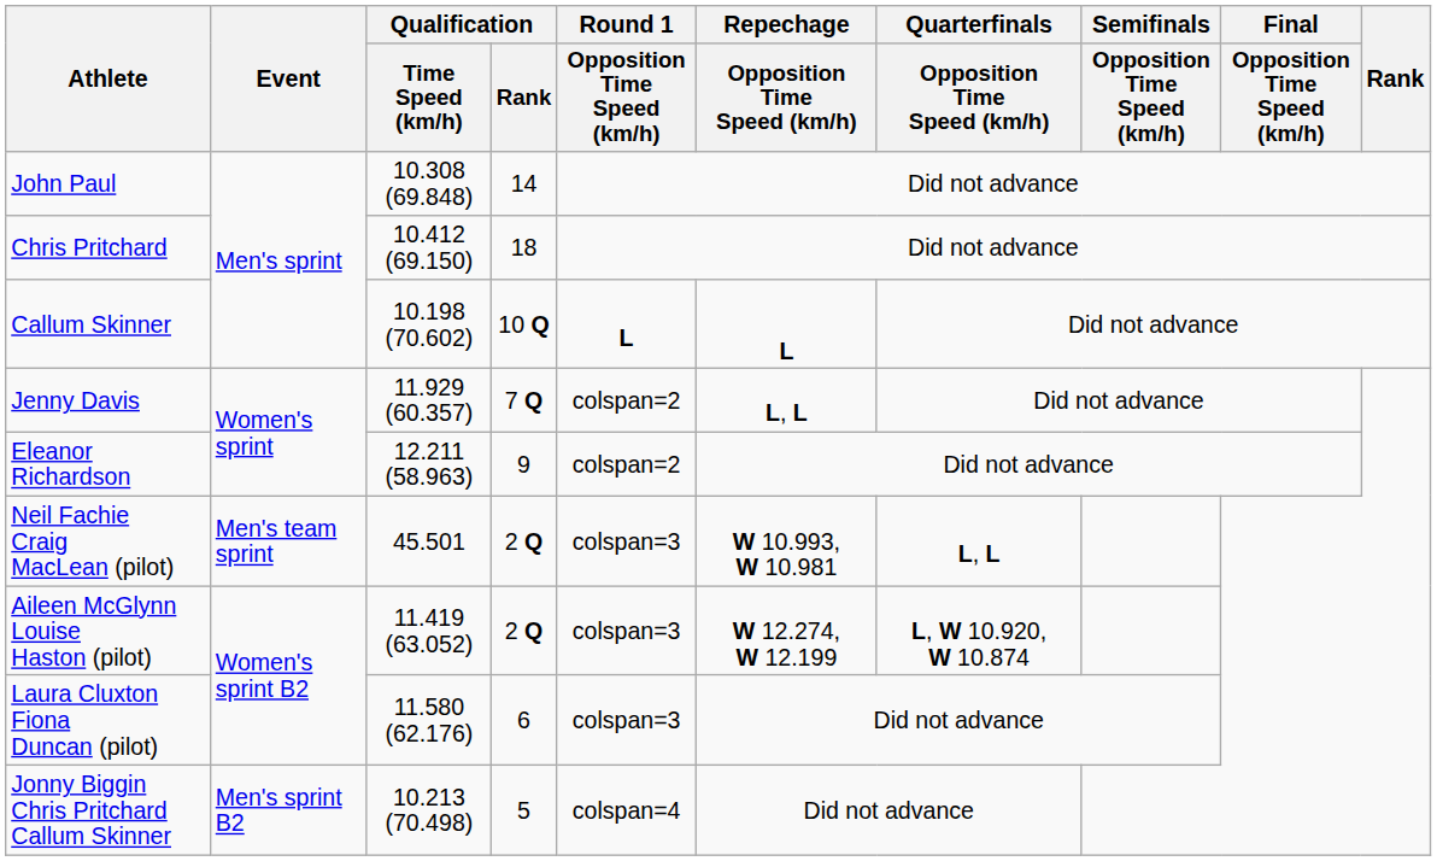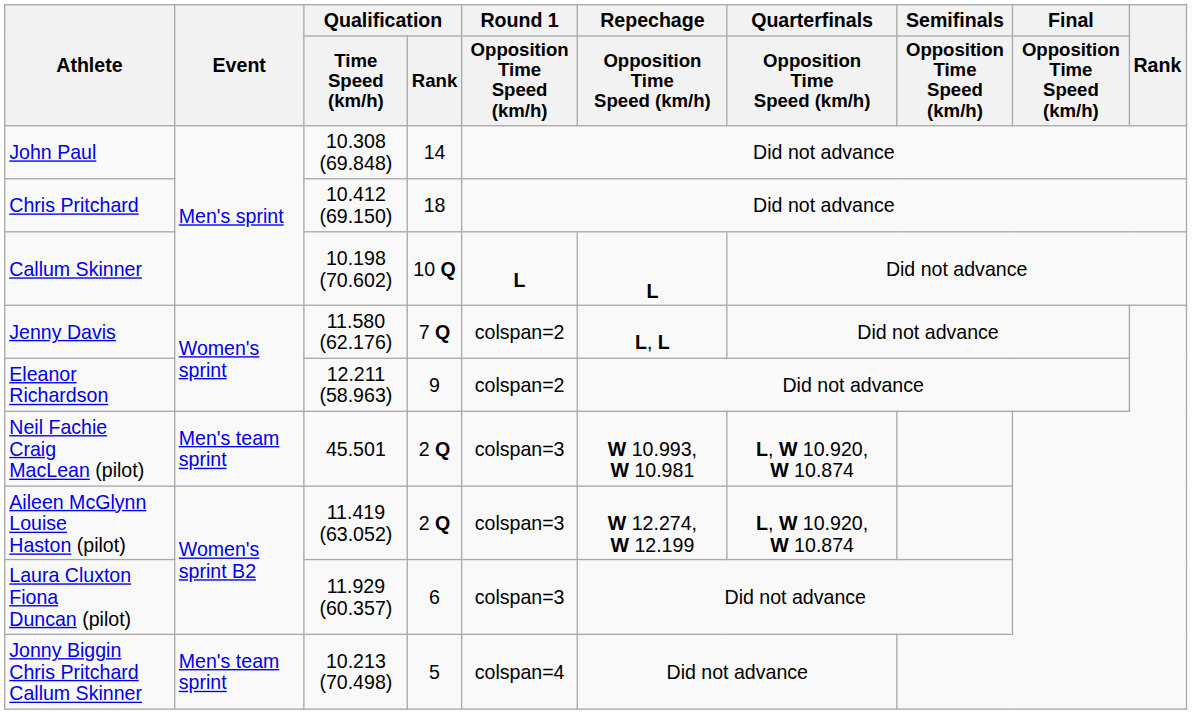 <table class="wikitable" style="font-size:90%">
 <tr>
 <th rowspan=2>Athlete</th>
 <th rowspan=2>Event</th>
 <th colspan=2>Qualification</th>
 <th>Round 1</th>
 <th>Repechage</th>
 <th>Quarterfinals</th>
 <th>Semifinals</th>
 <th>Final</th>
 <th rowspan=2>Rank</th>
 </tr>
 <tr style="font-size:95%">
 <th>Time<br>Speed (km/h)</th>
 <th>Rank</th>
 <th>Opposition<br>Time<br>Speed (km/h)</th>
 <th>Opposition<br>Time<br>Speed (km/h)</th>
 <th>Opposition<br>Time<br>Speed (km/h)</th>
 <th>Opposition<br>Time<br>Speed (km/h)</th>
 <th>Opposition<br>Time<br>Speed (km/h)</th>
 </tr>
 <tr align=center>
 <td align=left><a href='#'>John Paul</a></td>
 <td align=left rowspan=3><a href='#'>Men's sprint</a></td>
 <td>10.308<br>(69.848)</td>
 <td>14</td>
 <td colspan=6>Did not advance</td>
 </tr>
 <tr align=center>
 <td align=left><a href='#'>Chris Pritchard</a></td>
 <td>10.412<br>(69.150)</td>
 <td>18</td>
 <td colspan=6>Did not advance</td>
 </tr>
 <tr align=center>
 <td align=left><a href='#'>Callum Skinner</a></td>
 <td>10.198<br>(70.602)</td>
 <td>10 <strong>Q</strong></td>
 <td><br><strong>L</strong></td>
 <td><br><br><strong>L</strong></td>
 <td colspan=4>Did not advance</td>
 </tr>
 <tr align=center>
 <td align=left><a href='#'>Jenny Davis</a></td>
 <td align=left rowspan=2><a href='#'>Women's sprint</a></td>
-<td>11.929<br>(60.357)</td>
+<td>11.580<br>(62.176)</td>
 <td>7 <strong>Q</strong></td>
 <td>colspan=2 </td>
 <td><br><strong>L</strong>, <strong>L</strong></td>
 <td colspan=3>Did not advance</td>
 </tr>
 <tr align=center>
 <td align=left><a href='#'>Eleanor Richardson</a></td>
 <td>12.211<br>(58.963)</td>
 <td>9</td>
 <td>colspan=2 </td>
 <td colspan=4>Did not advance</td>
 </tr>
 <tr align=center>
 <td align=left><a href='#'>Neil Fachie</a><br><a href='#'>Craig MacLean</a> (pilot)</td>
 <td align=left><a href='#'>Men's team sprint</a></td>
 <td>45.501</td>
 <td>2 <strong>Q</strong></td>
 <td>colspan=3 </td>
 <td><br><strong>W</strong> 10.993, <strong>W</strong> 10.981</td>
-<td><br><strong>L</strong>, <strong>L</strong></td>
+<td><br><strong>L</strong>, <strong>W</strong> 10.920, <strong>W</strong> 10.874</td>
 <td></td>
 </tr>
 <tr align=center>
 <td align=left><a href='#'>Aileen McGlynn</a><br><a href='#'>Louise Haston</a> (pilot)</td>
 <td align=left rowspan=2><a href='#'>Women's sprint B2</a></td>
 <td>11.419<br>(63.052)</td>
 <td>2 <strong>Q</strong></td>
 <td>colspan=3 </td>
 <td><br><strong>W</strong> 12.274, <strong>W</strong> 12.199</td>
 <td><br><strong>L</strong>, <strong>W</strong> 10.920, <strong>W</strong> 10.874</td>
 <td></td>
 </tr>
 <tr align=center>
 <td align=left><a href='#'>Laura Cluxton</a><br><a href='#'>Fiona Duncan</a> (pilot)</td>
-<td>11.580<br>(62.176)</td>
+<td>11.929<br>(60.357)</td>
 <td>6</td>
 <td>colspan=3 </td>
 <td colspan=3>Did not advance</td>
 </tr>
 <tr align=center>
 <td align=left><a href='#'>Jonny Biggin</a><br><a href='#'>Chris Pritchard</a><br><a href='#'>Callum Skinner</a></td>
-<td align=left><a href='#'>Men's sprint B2</a></td>
+<td align=left><a href='#'>Men's team sprint</a></td>
 <td>10.213<br>(70.498)</td>
 <td>5</td>
 <td>colspan=4 </td>
 <td colspan=2>Did not advance</td>
 </tr>
 </table>
